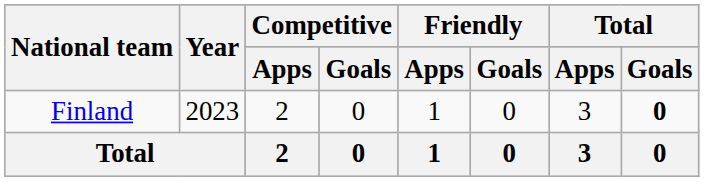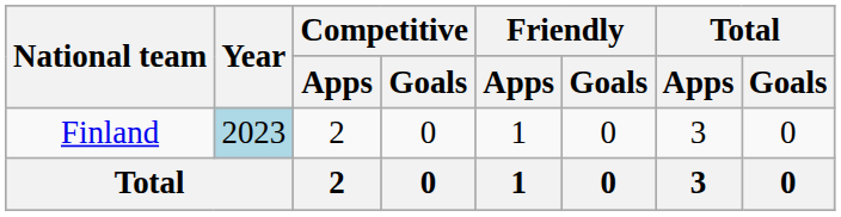 <table class="wikitable" style="text-align:center">
 <tr>
 <th rowspan="2">National team</th>
 <th rowspan="2">Year</th>
 <th colspan="2">Competitive</th>
 <th colspan="2">Friendly</th>
 <th colspan="2">Total</th>
 </tr>
 <tr>
 <th>Apps</th>
 <th>Goals</th>
 <th>Apps</th>
 <th>Goals</th>
 <th>Apps</th>
 <th>Goals</th>
 </tr>
 <tr>
 <td rowspan=1><a href='#'>Finland</a></td>
-<td>2023</td>
+<td style="background: lightblue;">2023</td>
 <td>2</td>
 <td>0</td>
 <td>1</td>
 <td>0</td>
 <td>3</td>
-<td><strong>0</strong></td>
+<td>0</td>
 </tr>
 <tr>
 <th colspan=2>Total</th>
 <th>2</th>
 <th>0</th>
 <th>1</th>
 <th>0</th>
 <th>3</th>
 <th>0</th>
 </tr>
 </table>
